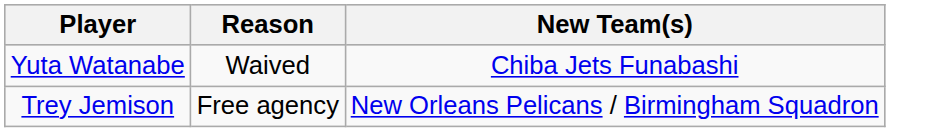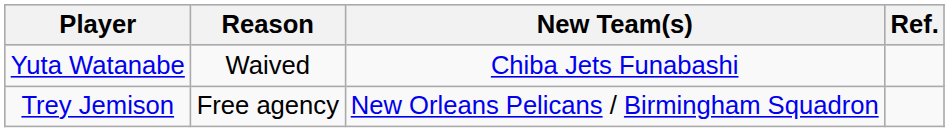 <table class="wikitable sortable sortable" style="text-align: center">
 <tr>
 <th>Player</th>
 <th>Reason</th>
 <th>New Team(s)</th>
+<th>Ref.</th>
 </tr>
 <tr>
 <td><a href='#'>Yuta Watanabe</a></td>
 <td>Waived</td>
 <td> <a href='#'>Chiba Jets Funabashi</a></td>
+<td></td>
 </tr>
 <tr>
 <td><a href='#'>Trey Jemison</a></td>
 <td>Free agency</td>
 <td><a href='#'>New Orleans Pelicans</a> / <a href='#'>Birmingham Squadron</a></td>
+<td></td>
 </tr>
 </table>
